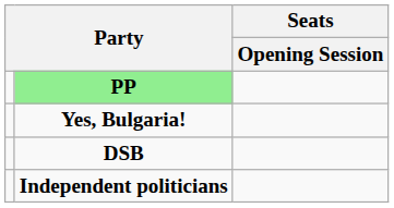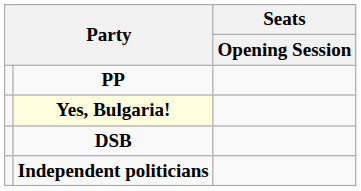 <table class="wikitable">
 <tr>
 <th colspan="2" rowspan="2">Party</th>
 <th colspan="2">Seats</th>
 </tr>
 <tr>
 <th>Opening Session</th>
 </tr>
 <tr>
 <td style="color:inherit;background:"></td>
-<td style="background: lightgreen; text-align:center"><strong>PP</strong></td>
+<td style="text-align:center"><strong>PP</strong></td>
 <td></td>
 </tr>
 <tr>
 <td style="color:inherit;background:"></td>
-<td style="text-align:center"><strong>Yes, Bulgaria!</strong></td>
+<td style="background: lightyellow; text-align:center"><strong>Yes, Bulgaria!</strong></td>
 <td></td>
 </tr>
 <tr>
 <td style="color:inherit;background:"></td>
 <td style="text-align:center"><strong>DSB</strong></td>
 <td></td>
 </tr>
 <tr>
 <td style="color:inherit;background:"></td>
 <td style="text-align:center"><strong>Independent politicians</strong></td>
 <td></td>
 </tr>
 </table>
